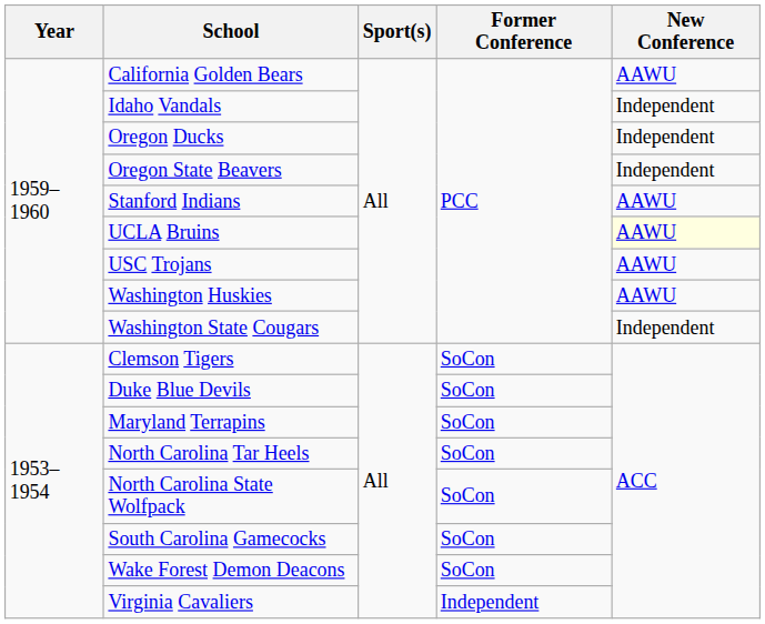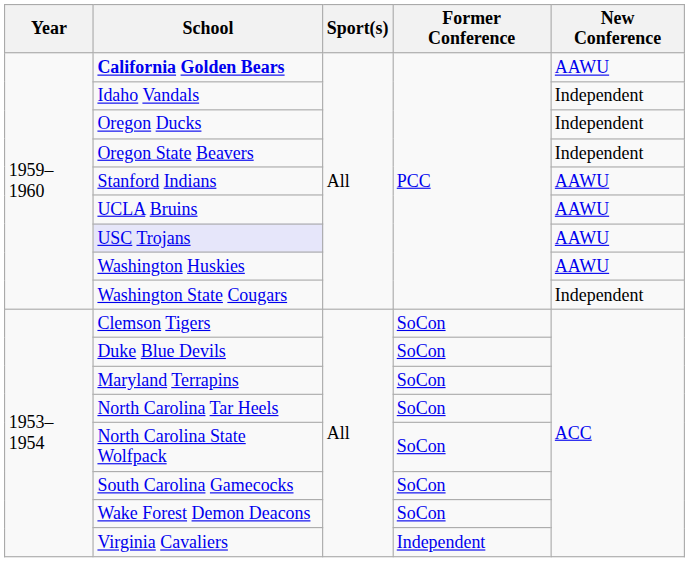 <table class="wikitable">
 <tr>
 <th>Year</th>
 <th>School</th>
 <th>Sport(s)</th>
 <th>Former Conference</th>
 <th>New Conference</th>
 </tr>
 <tr>
 <td rowspan="9">1959–1960</td>
-<td><a href='#'>California</a> <a href='#'>Golden Bears</a></td>
+<td><strong><a href='#'>California</a> <a href='#'>Golden Bears</a></strong></td>
 <td rowspan="9">All</td>
 <td rowspan="9"><a href='#'>PCC</a></td>
 <td><a href='#'>AAWU</a></td>
 </tr>
 <tr>
 <td><a href='#'>Idaho</a> <a href='#'>Vandals</a></td>
 <td>Independent</td>
 </tr>
 <tr>
 <td><a href='#'>Oregon</a> <a href='#'>Ducks</a></td>
 <td>Independent</td>
 </tr>
 <tr>
 <td><a href='#'>Oregon State</a> <a href='#'>Beavers</a></td>
 <td>Independent</td>
 </tr>
 <tr>
 <td><a href='#'>Stanford</a> <a href='#'>Indians</a></td>
 <td><a href='#'>AAWU</a></td>
 </tr>
 <tr>
 <td><a href='#'>UCLA</a> <a href='#'>Bruins</a></td>
-<td style="background: lightyellow;"><a href='#'>AAWU</a></td>
+<td><a href='#'>AAWU</a></td>
 </tr>
 <tr>
-<td><a href='#'>USC</a> <a href='#'>Trojans</a></td>
+<td style="background: lavender;"><a href='#'>USC</a> <a href='#'>Trojans</a></td>
 <td><a href='#'>AAWU</a></td>
 </tr>
 <tr>
 <td><a href='#'>Washington</a> <a href='#'>Huskies</a></td>
 <td><a href='#'>AAWU</a></td>
 </tr>
 <tr>
 <td><a href='#'>Washington State</a> <a href='#'>Cougars</a></td>
 <td>Independent</td>
 </tr>
 <tr>
 <td rowspan="8">1953–1954</td>
 <td><a href='#'>Clemson</a> <a href='#'>Tigers</a></td>
 <td rowspan="8">All</td>
 <td><a href='#'>SoCon</a></td>
 <td rowspan="8"><a href='#'>ACC</a></td>
 </tr>
 <tr>
 <td><a href='#'>Duke</a> <a href='#'>Blue Devils</a></td>
 <td><a href='#'>SoCon</a></td>
 </tr>
 <tr>
 <td><a href='#'>Maryland</a> <a href='#'>Terrapins</a></td>
 <td><a href='#'>SoCon</a></td>
 </tr>
 <tr>
 <td><a href='#'>North Carolina</a> <a href='#'>Tar Heels</a></td>
 <td><a href='#'>SoCon</a></td>
 </tr>
 <tr>
 <td><a href='#'>North Carolina State</a> <a href='#'>Wolfpack</a></td>
 <td><a href='#'>SoCon</a></td>
 </tr>
 <tr>
 <td><a href='#'>South Carolina</a> <a href='#'>Gamecocks</a></td>
 <td><a href='#'>SoCon</a></td>
 </tr>
 <tr>
 <td><a href='#'>Wake Forest</a> <a href='#'>Demon Deacons</a></td>
 <td><a href='#'>SoCon</a></td>
 </tr>
 <tr>
 <td><a href='#'>Virginia</a> <a href='#'>Cavaliers</a></td>
 <td><a href='#'>Independent</a></td>
 </tr>
 </table>
